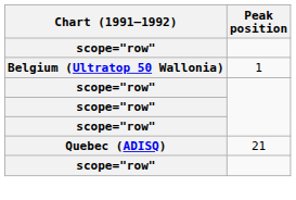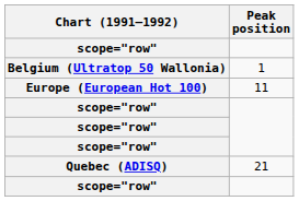 <table class="wikitable sortable plainrowheaders">
 <tr>
 <th>Chart (1991–1992)</th>
 <th>Peak<br>position</th>
 </tr>
 <tr>
 <th>scope="row"</th>
 </tr>
 <tr>
 <th scope="row">Belgium (<a href='#'>Ultratop 50</a> Wallonia)</th>
 <td align="center">1</td>
+</tr>
+<tr>
+<th scope="row">Europe (<a href='#'>European Hot 100</a>)</th>
+<td align="center">11</td>
 </tr>
 <tr>
 <th>scope="row"</th>
 </tr>
 <tr>
 <th>scope="row"</th>
 </tr>
 <tr>
 <th>scope="row"</th>
 </tr>
 <tr>
 <th scope="row">Quebec (<a href='#'>ADISQ</a>)</th>
 <td align="center">21</td>
 </tr>
 <tr>
 <th>scope="row"</th>
 </tr>
 </table>
